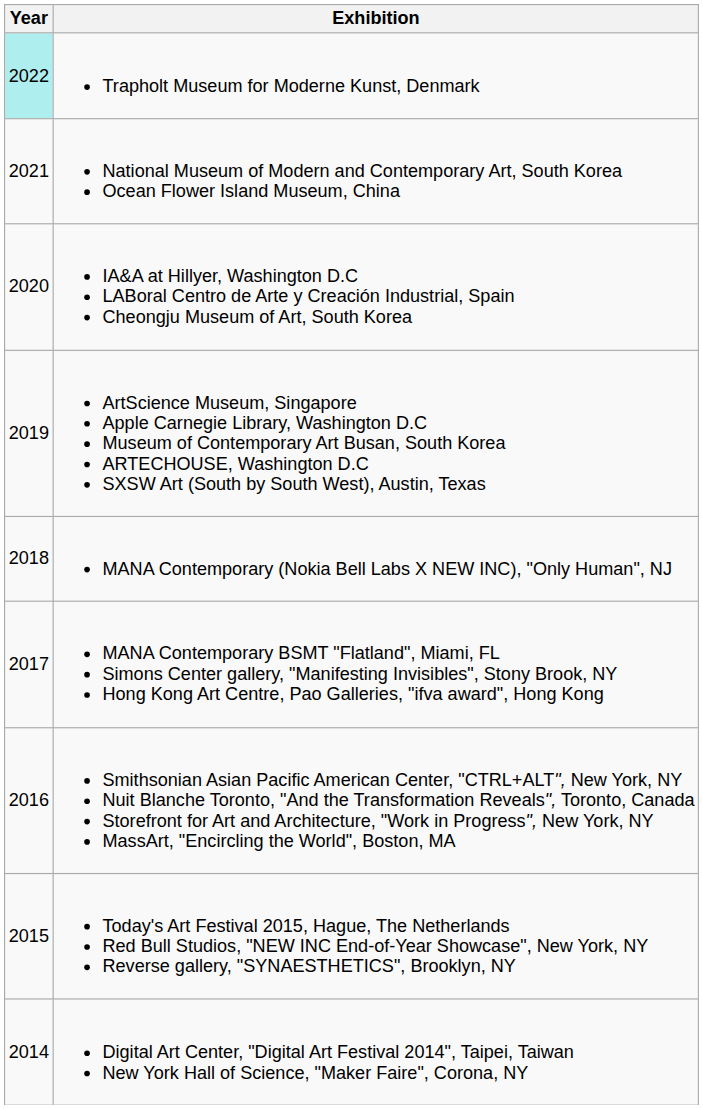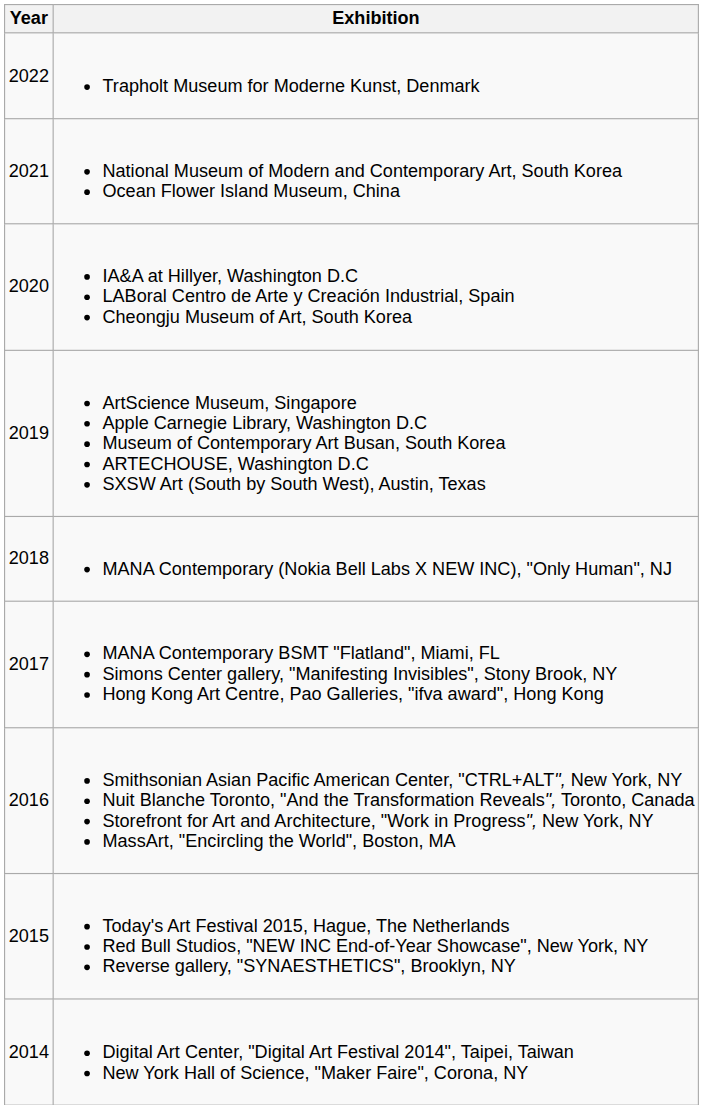 <table class="wikitable">
 <tr>
 <th>Year</th>
 <th>Exhibition</th>
 </tr>
 <tr>
-<td style="background: paleturquoise;">2022</td>
+<td>2022</td>
 <td><br><ul><li>Trapholt Museum for Moderne Kunst, Denmark </li></ul></td>
 </tr>
 <tr>
 <td>2021</td>
 <td><br><ul><li>National Museum of Modern and Contemporary Art, South Korea</li><li>Ocean Flower Island Museum, China</li></ul></td>
 </tr>
 <tr>
 <td>2020</td>
 <td><br><ul><li>IA&A at Hillyer, Washington D.C</li><li>LABoral Centro de Arte y Creación Industrial, Spain</li><li>Cheongju Museum of Art, South Korea</li></ul></td>
 </tr>
 <tr>
 <td>2019</td>
 <td><br><ul><li>ArtScience Museum, Singapore</li><li>Apple Carnegie Library, Washington D.C</li><li>Museum of Contemporary Art Busan, South Korea</li><li>ARTECHOUSE, Washington D.C</li><li>SXSW Art (South by South West), Austin, Texas </li></ul></td>
 </tr>
 <tr>
 <td>2018</td>
 <td><br><ul><li>MANA Contemporary (Nokia Bell Labs X NEW INC), "Only Human", NJ</li></ul></td>
 </tr>
 <tr>
 <td>2017</td>
 <td><br><ul><li>MANA Contemporary BSMT "Flatland", Miami, FL</li><li>Simons Center gallery, "Manifesting Invisibles", Stony Brook, NY</li><li>Hong Kong Art Centre, Pao Galleries, "ifva award", Hong Kong</li></ul></td>
 </tr>
 <tr>
 <td>2016</td>
 <td><br><ul><li>Smithsonian Asian Pacific American Center, "CTRL+ALT<em>",</em> New York, NY</li><li>Nuit Blanche Toronto, "And the Transformation Reveals<em>",</em> Toronto, Canada</li><li>Storefront for Art and Architecture, "Work in Progress<em>",</em> New York, NY</li><li>MassArt, "Encircling the World", Boston, MA</li></ul></td>
 </tr>
 <tr>
 <td>2015</td>
 <td><br><ul><li>Today's Art Festival 2015, Hague, The Netherlands</li><li>Red Bull Studios, "NEW INC End-of-Year Showcase", New York, NY</li><li>Reverse gallery, "SYNAESTHETICS", Brooklyn, NY</li></ul></td>
 </tr>
 <tr>
 <td>2014</td>
 <td><br><ul><li>Digital Art Center, "Digital Art Festival 2014", Taipei, Taiwan</li><li>New York Hall of Science, "Maker Faire", Corona, NY</li></ul></td>
 </tr>
 </table>
